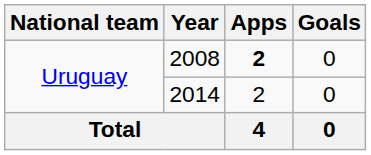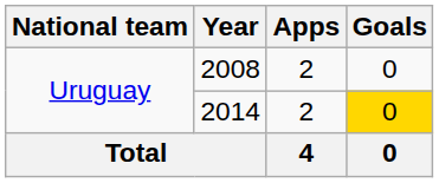 <table class=wikitable style="text-align: center">
 <tr>
 <th>National team</th>
 <th>Year</th>
 <th>Apps</th>
 <th>Goals</th>
 </tr>
 <tr>
 <td rowspan=2><a href='#'>Uruguay</a></td>
 <td>2008</td>
-<td><strong>2</strong></td>
+<td>2</td>
 <td>0</td>
 </tr>
 <tr>
 <td>2014</td>
 <td>2</td>
-<td>0</td>
+<td style="background: gold;">0</td>
 </tr>
 <tr>
 <th colspan=2>Total</th>
 <th>4</th>
 <th>0</th>
 </tr>
 </table>
